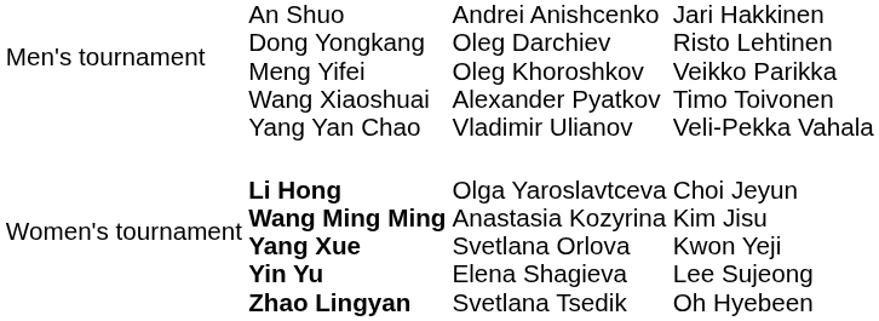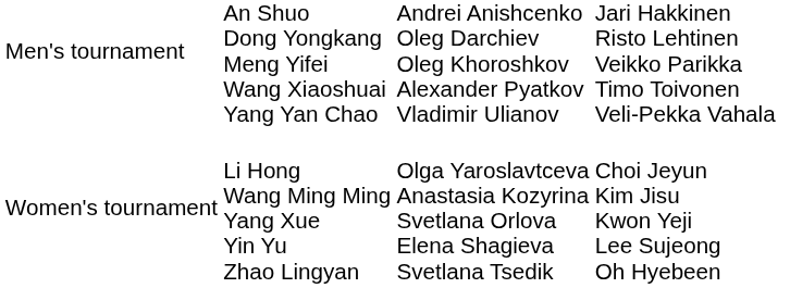 <table>
 <tr>
 <td>Men's tournament</td>
 <td><br>An Shuo<br>Dong Yongkang<br>Meng Yifei<br>Wang Xiaoshuai<br>Yang Yan Chao</td>
 <td><br>Andrei Anishcenko<br>Oleg Darchiev<br>Oleg Khoroshkov<br>Alexander Pyatkov<br>Vladimir Ulianov</td>
 <td><br>Jari Hakkinen<br>Risto Lehtinen<br>Veikko Parikka<br>Timo Toivonen<br>Veli-Pekka Vahala</td>
 </tr>
 <tr>
 <td>Women's tournament</td>
-<td><strong><br>Li Hong<br>Wang Ming Ming<br>Yang Xue<br>Yin Yu<br>Zhao Lingyan</strong></td>
+<td><br>Li Hong<br>Wang Ming Ming<br>Yang Xue<br>Yin Yu<br>Zhao Lingyan</td>
 <td><br>Olga Yaroslavtceva<br>Anastasia Kozyrina<br>Svetlana Orlova<br>Elena Shagieva<br>Svetlana Tsedik</td>
 <td><br>Choi Jeyun<br>Kim Jisu<br>Kwon Yeji<br>Lee Sujeong<br>Oh Hyebeen</td>
 </tr>
 </table>
